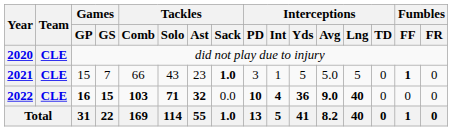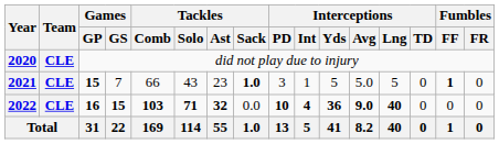 <table class="wikitable" style="text-align: center;">
 <tr>
 <th rowspan="2">Year</th>
 <th rowspan="2">Team</th>
 <th colspan="2">Games</th>
 <th colspan="4">Tackles</th>
 <th colspan="6">Interceptions</th>
 <th colspan="2">Fumbles</th>
 </tr>
 <tr>
 <th>GP</th>
 <th>GS</th>
 <th>Comb</th>
 <th>Solo</th>
 <th>Ast</th>
 <th>Sack</th>
 <th>PD</th>
 <th>Int</th>
 <th>Yds</th>
 <th>Avg</th>
 <th>Lng</th>
 <th>TD</th>
 <th>FF</th>
 <th>FR</th>
 </tr>
 <tr>
 <th><a href='#'>2020</a></th>
 <th><a href='#'>CLE</a></th>
 <td colspan="15" align="center"><em>did not play due to injury</em></td>
 </tr>
 <tr>
 <th><a href='#'>2021</a></th>
 <th><a href='#'>CLE</a></th>
-<td>15</td>
+<td><strong>15</strong></td>
 <td>7</td>
 <td>66</td>
 <td>43</td>
 <td>23</td>
 <td><strong>1.0</strong></td>
 <td>3</td>
 <td>1</td>
 <td>5</td>
 <td>5.0</td>
 <td>5</td>
 <td>0</td>
 <td><strong>1</strong></td>
 <td>0</td>
 </tr>
 <tr>
 <th><a href='#'>2022</a></th>
 <th><a href='#'>CLE</a></th>
 <td><strong>16</strong></td>
 <td><strong>15</strong></td>
 <td><strong>103</strong></td>
 <td><strong>71</strong></td>
 <td><strong>32</strong></td>
 <td>0.0</td>
 <td><strong>10</strong></td>
 <td><strong>4</strong></td>
 <td><strong>36</strong></td>
 <td><strong>9.0</strong></td>
 <td><strong>40</strong></td>
 <td>0</td>
 <td>0</td>
 <td>0</td>
 </tr>
 <tr>
 <th colspan="2">Total</th>
 <th>31</th>
 <th>22</th>
 <th>169</th>
 <th>114</th>
 <th>55</th>
 <th>1.0</th>
 <th>13</th>
 <th>5</th>
 <th>41</th>
 <th>8.2</th>
 <th>40</th>
 <th>0</th>
 <th>1</th>
 <th>0</th>
 </tr>
 </table>
